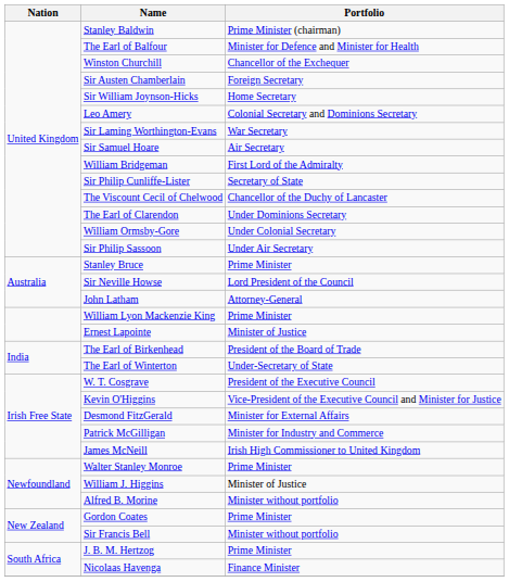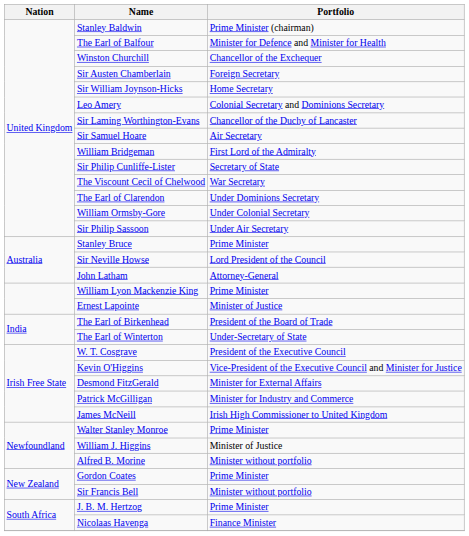 <table class="wikitable">
 <tr>
 <th>Nation</th>
 <th>Name</th>
 <th>Portfolio</th>
 </tr>
 <tr>
 <td rowspan=14> <a href='#'>United Kingdom</a></td>
 <td><a href='#'>Stanley Baldwin</a></td>
 <td><a href='#'>Prime Minister</a> (chairman)</td>
 </tr>
 <tr>
 <td><a href='#'>The Earl of Balfour</a></td>
 <td><a href='#'>Minister for Defence</a> and <a href='#'>Minister for Health</a></td>
 </tr>
 <tr>
 <td><a href='#'>Winston Churchill</a></td>
 <td><a href='#'>Chancellor of the Exchequer</a></td>
 </tr>
 <tr>
 <td><a href='#'>Sir Austen Chamberlain</a></td>
 <td><a href='#'>Foreign Secretary</a></td>
 </tr>
 <tr>
 <td><a href='#'>Sir William Joynson-Hicks</a></td>
 <td><a href='#'>Home Secretary</a></td>
 </tr>
 <tr>
 <td><a href='#'>Leo Amery</a></td>
 <td><a href='#'>Colonial Secretary</a> and <a href='#'>Dominions Secretary</a></td>
 </tr>
 <tr>
 <td><a href='#'>Sir Laming Worthington-Evans</a></td>
-<td><a href='#'>War Secretary</a></td>
+<td><a href='#'>Chancellor of the Duchy of Lancaster</a></td>
 </tr>
 <tr>
 <td><a href='#'>Sir Samuel Hoare</a></td>
 <td><a href='#'>Air Secretary</a></td>
 </tr>
 <tr>
 <td><a href='#'>William Bridgeman</a></td>
 <td><a href='#'>First Lord of the Admiralty</a></td>
 </tr>
 <tr>
 <td><a href='#'>Sir Philip Cunliffe-Lister</a></td>
 <td><a href='#'>Secretary of State</a></td>
 </tr>
 <tr>
 <td><a href='#'>The Viscount Cecil of Chelwood</a></td>
-<td><a href='#'>Chancellor of the Duchy of Lancaster</a></td>
+<td><a href='#'>War Secretary</a></td>
 </tr>
 <tr>
 <td><a href='#'>The Earl of Clarendon</a></td>
 <td><a href='#'>Under Dominions Secretary</a></td>
 </tr>
 <tr>
 <td><a href='#'>William Ormsby-Gore</a></td>
 <td><a href='#'>Under Colonial Secretary</a></td>
 </tr>
 <tr>
 <td><a href='#'>Sir Philip Sassoon</a></td>
 <td><a href='#'>Under Air Secretary</a></td>
 </tr>
 <tr>
 <td rowspan=3> <a href='#'>Australia</a></td>
 <td><a href='#'>Stanley Bruce</a></td>
 <td><a href='#'>Prime Minister</a></td>
 </tr>
 <tr>
 <td><a href='#'>Sir Neville Howse</a></td>
 <td><a href='#'>Lord President of the Council</a></td>
 </tr>
 <tr>
 <td><a href='#'>John Latham</a></td>
 <td><a href='#'>Attorney-General</a></td>
 </tr>
 <tr>
 <td rowspan=2></td>
 <td><a href='#'>William Lyon Mackenzie King</a></td>
 <td><a href='#'>Prime Minister</a></td>
 </tr>
 <tr>
 <td><a href='#'>Ernest Lapointe</a></td>
 <td><a href='#'>Minister of Justice</a></td>
 </tr>
 <tr>
 <td rowspan=2> <a href='#'>India</a></td>
 <td><a href='#'>The Earl of Birkenhead</a></td>
 <td><a href='#'>President of the Board of Trade</a></td>
 </tr>
 <tr>
 <td><a href='#'>The Earl of Winterton</a></td>
 <td><a href='#'>Under-Secretary of State</a></td>
 </tr>
 <tr>
 <td rowspan=5> <a href='#'>Irish Free State</a></td>
 <td><a href='#'>W. T. Cosgrave</a></td>
 <td><a href='#'>President of the Executive Council</a></td>
 </tr>
 <tr>
 <td><a href='#'>Kevin O'Higgins</a></td>
 <td><a href='#'>Vice-President of the Executive Council</a> and <a href='#'>Minister for Justice</a></td>
 </tr>
 <tr>
 <td><a href='#'>Desmond FitzGerald</a></td>
 <td><a href='#'>Minister for External Affairs</a></td>
 </tr>
 <tr>
 <td><a href='#'>Patrick McGilligan</a></td>
 <td><a href='#'>Minister for Industry and Commerce</a></td>
 </tr>
 <tr>
 <td><a href='#'>James McNeill</a></td>
 <td><a href='#'>Irish High Commissioner to United Kingdom</a></td>
 </tr>
 <tr>
 <td rowspan=3> <a href='#'>Newfoundland</a></td>
 <td><a href='#'>Walter Stanley Monroe</a></td>
 <td><a href='#'>Prime Minister</a></td>
 </tr>
 <tr>
 <td><a href='#'>William J. Higgins</a></td>
 <td>Minister of Justice</td>
 </tr>
 <tr>
 <td><a href='#'>Alfred B. Morine</a></td>
 <td><a href='#'>Minister without portfolio</a></td>
 </tr>
 <tr>
 <td rowspan=2> <a href='#'>New Zealand</a></td>
 <td><a href='#'>Gordon Coates</a></td>
 <td><a href='#'>Prime Minister</a></td>
 </tr>
 <tr>
 <td><a href='#'>Sir Francis Bell</a></td>
 <td><a href='#'>Minister without portfolio</a></td>
 </tr>
 <tr>
 <td rowspan=2> <a href='#'>South Africa</a></td>
 <td><a href='#'>J. B. M. Hertzog</a></td>
 <td><a href='#'>Prime Minister</a></td>
 </tr>
 <tr>
 <td><a href='#'>Nicolaas Havenga</a></td>
 <td><a href='#'>Finance Minister</a></td>
 </tr>
 <tr>
 </tr>
 </table>
